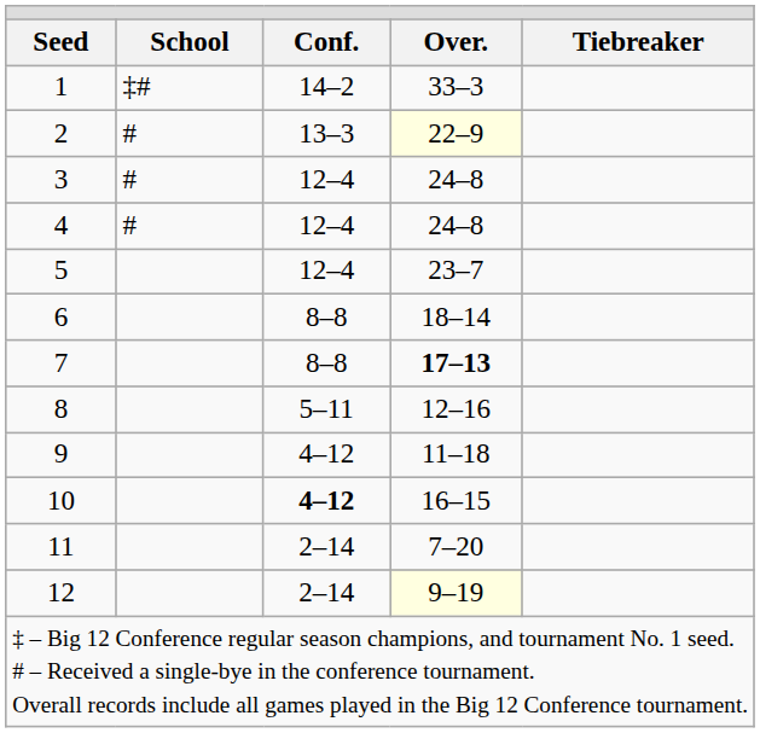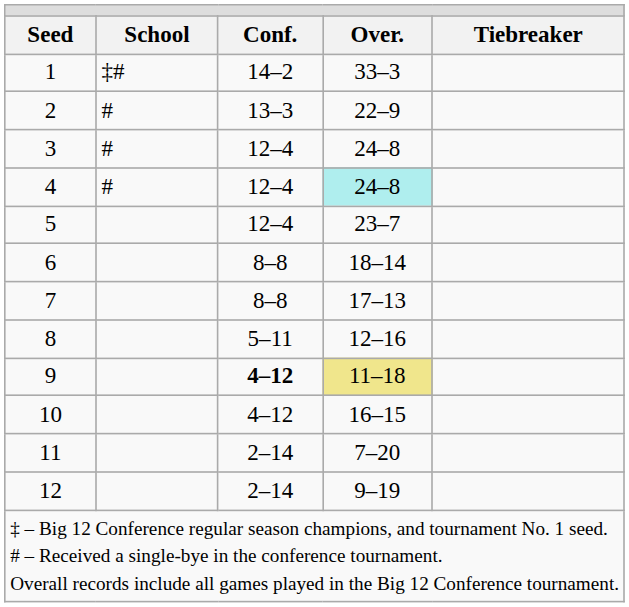 <table class="wikitable" style="white-space:nowrap; font-size:90%;text-align:center">
 <tr>
 <td colspan="10" style="text-align:center; background:#DDDDDD; font:#000000"><strong></strong></td>
 </tr>
 <tr bgcolor="#efefef">
 <th>Seed</th>
 <th>School</th>
 <th>Conf.</th>
 <th>Over.</th>
 <th>Tiebreaker</th>
 </tr>
 <tr>
 <td>1</td>
 <td align=left> ‡#</td>
 <td>14–2</td>
 <td>33–3</td>
 <td></td>
 </tr>
 <tr>
 <td>2</td>
 <td align=left> #</td>
 <td>13–3</td>
-<td style="background: lightyellow;">22–9</td>
+<td>22–9</td>
 <td></td>
 </tr>
 <tr>
 <td>3</td>
 <td align=left> #</td>
 <td>12–4</td>
 <td>24–8</td>
 <td></td>
 </tr>
 <tr>
 <td>4</td>
 <td align=left> #</td>
 <td>12–4</td>
-<td>24–8</td>
+<td style="background: paleturquoise;">24–8</td>
 <td></td>
 </tr>
 <tr>
 <td>5</td>
 <td align=left></td>
 <td>12–4</td>
 <td>23–7</td>
 <td></td>
 </tr>
 <tr>
 <td>6</td>
 <td align=left></td>
 <td>8–8</td>
 <td>18–14</td>
 <td></td>
 </tr>
 <tr>
 <td>7</td>
 <td align=left></td>
 <td>8–8</td>
-<td><strong>17–13</strong></td>
+<td>17–13</td>
 <td></td>
 </tr>
 <tr>
 <td>8</td>
 <td align=left></td>
 <td>5–11</td>
 <td>12–16</td>
 <td></td>
 </tr>
 <tr>
 <td>9</td>
 <td align=left></td>
-<td>4–12</td>
-<td>11–18</td>
+<td><strong>4–12</strong></td>
+<td style="background: khaki;">11–18</td>
 <td></td>
 </tr>
 <tr>
 <td>10</td>
 <td align=left></td>
-<td><strong>4–12</strong></td>
+<td>4–12</td>
 <td>16–15</td>
 <td></td>
 </tr>
 <tr>
 <td>11</td>
 <td align=left></td>
 <td>2–14</td>
 <td>7–20</td>
 <td></td>
 </tr>
 <tr>
 <td>12</td>
 <td align=left></td>
 <td>2–14</td>
-<td style="background: lightyellow;">9–19</td>
+<td>9–19</td>
 <td></td>
 </tr>
 <tr>
 <td colspan="10" style="text-align:left;"><small>‡ – Big 12 Conference regular season champions, and tournament No. 1 seed.<br># – Received a single-bye in the conference tournament.<br>Overall records include all games played in the Big 12 Conference tournament.</small></td>
 </tr>
 </table>
